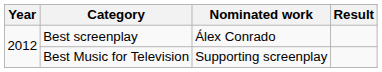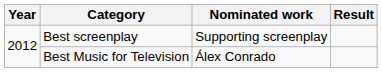 <table class="wikitable">
 <tr>
 <th><strong>Year</strong></th>
 <th><strong>Category</strong></th>
 <th><strong>Nominated work</strong></th>
 <th><strong>Result</strong></th>
 </tr>
 <tr>
 <td rowspan=2>2012</td>
 <td>Best screenplay</td>
-<td>Álex Conrado</td>
+<td>Supporting screenplay</td>
 <td></td>
 </tr>
 <tr>
 <td>Best Music for Television</td>
-<td>Supporting screenplay</td>
+<td>Álex Conrado</td>
 <td></td>
 </tr>
 </table>
